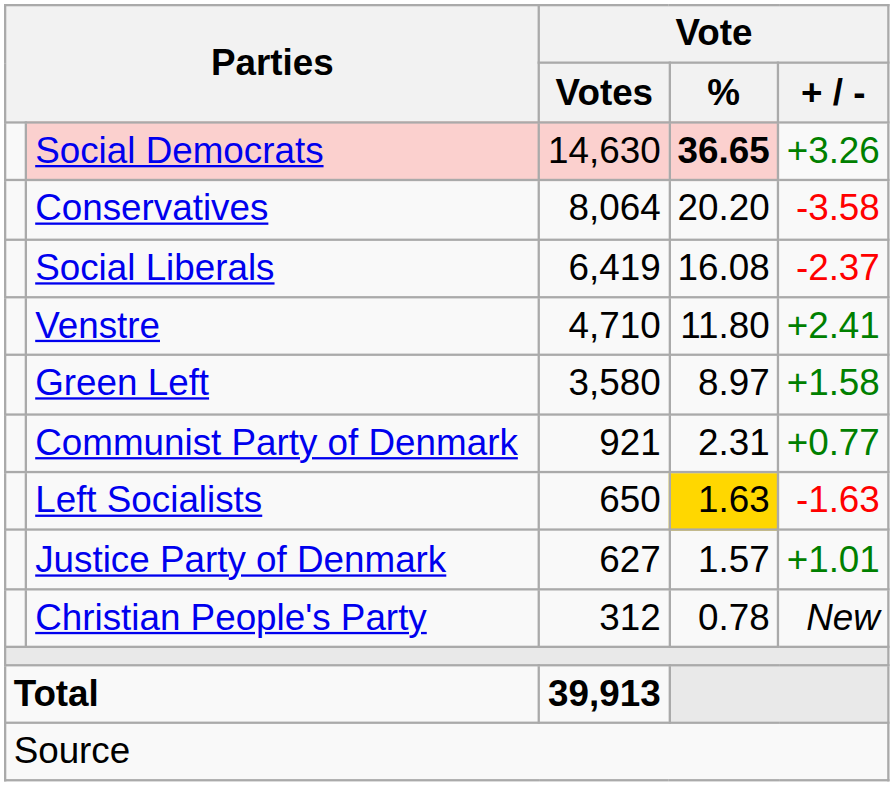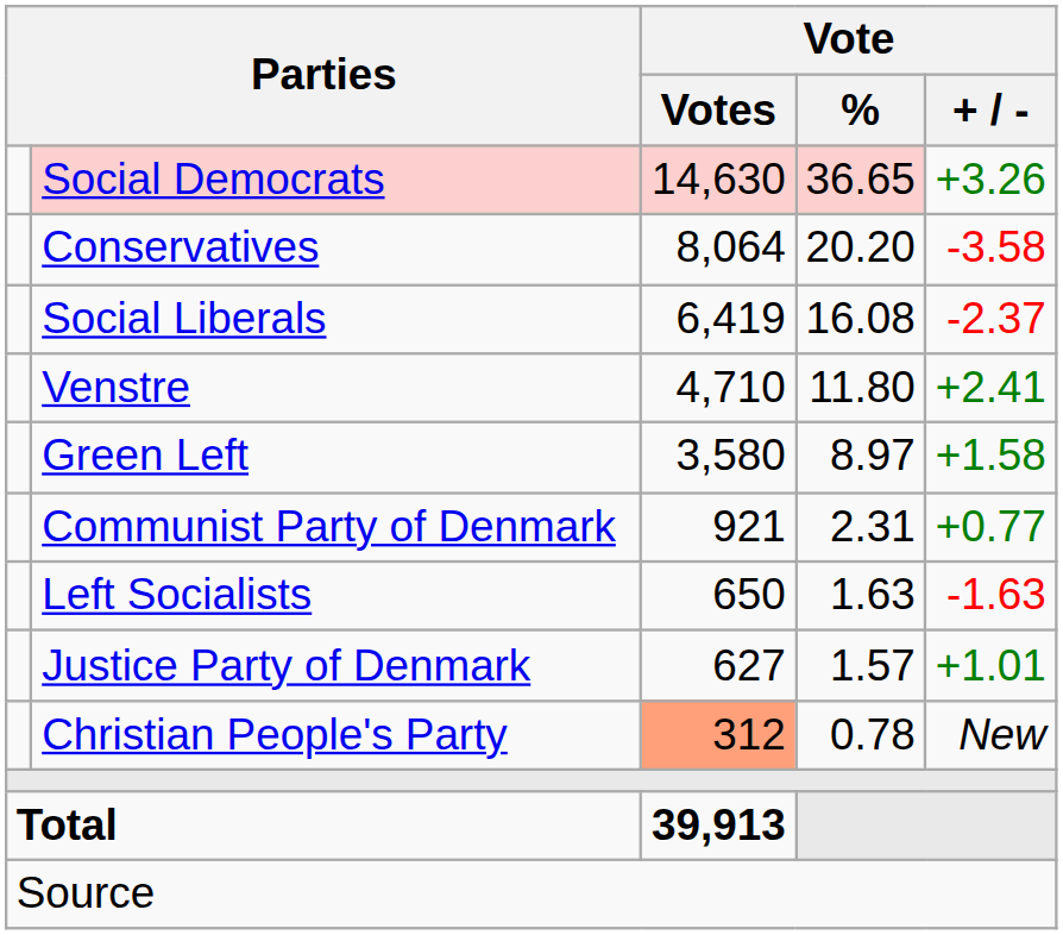 <table class="wikitable" style="text-align:right;">
 <tr>
 <th style="text-align:centre;" rowspan="2" colspan="2" width="225">Parties</th>
 <th colspan="3">Vote</th>
 </tr>
 <tr>
 <th width="15">Votes</th>
 <th width="15">%</th>
 <th width="15">+ / -</th>
 </tr>
 <tr>
 <td width="2" style="color:inherit;background:"></td>
 <td bgcolor=#fbd0ce  align="left"><a href='#'>Social Democrats</a></td>
 <td bgcolor=#fbd0ce>14,630</td>
-<td bgcolor=#fbd0ce><strong>36.65</strong></td>
+<td bgcolor=#fbd0ce>36.65</td>
 <td style=color:green;>+3.26</td>
 </tr>
 <tr>
 <td width="2" style="color:inherit;background:"></td>
 <td align="left"><a href='#'>Conservatives</a></td>
 <td>8,064</td>
 <td>20.20</td>
 <td style=color:red;>-3.58</td>
 </tr>
 <tr>
 <td width="2" style="color:inherit;background:"></td>
 <td align="left"><a href='#'>Social Liberals</a></td>
 <td>6,419</td>
 <td>16.08</td>
 <td style=color:red;>-2.37</td>
 </tr>
 <tr>
 <td width="2" style="color:inherit;background:"></td>
 <td align="left"><a href='#'>Venstre</a></td>
 <td>4,710</td>
 <td>11.80</td>
 <td style=color:green;>+2.41</td>
 </tr>
 <tr>
 <td width="2" style="color:inherit;background:"></td>
 <td align="left"><a href='#'>Green Left</a></td>
 <td>3,580</td>
 <td>8.97</td>
 <td style=color:green;>+1.58</td>
 </tr>
 <tr>
 <td width="2" style="color:inherit;background:"></td>
 <td align="left"><a href='#'>Communist Party of Denmark</a></td>
 <td>921</td>
 <td>2.31</td>
 <td style=color:green;>+0.77</td>
 </tr>
 <tr>
 <td width="2" style="color:inherit;background:"></td>
 <td align="left"><a href='#'>Left Socialists</a></td>
 <td>650</td>
-<td style="background: gold;">1.63</td>
+<td>1.63</td>
 <td style=color:red;>-1.63</td>
 </tr>
 <tr>
 <td width="2" style="color:inherit;background:"></td>
 <td align="left"><a href='#'>Justice Party of Denmark</a></td>
 <td>627</td>
 <td>1.57</td>
 <td style=color:green;>+1.01</td>
 </tr>
 <tr>
 <td width="2" style="color:inherit;background:"></td>
 <td align="left"><a href='#'>Christian People's Party</a></td>
-<td>312</td>
+<td style="background: lightsalmon;">312</td>
 <td>0.78</td>
 <td><em>New</em></td>
 </tr>
 <tr>
 <td colspan="7" bgcolor="#E9E9E9"></td>
 </tr>
 <tr>
 <td align="left" colspan="2"><strong>Total</strong></td>
 <td><strong>39,913</strong></td>
 <td bgcolor="#E9E9E9" colspan="2"></td>
 </tr>
 <tr>
 <td align="left" colspan="6">Source</td>
 </tr>
 </table>
